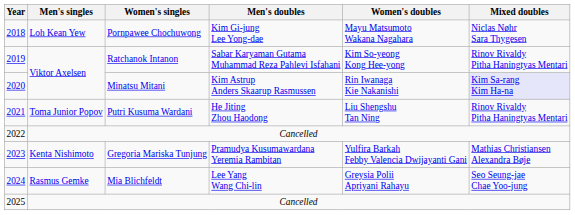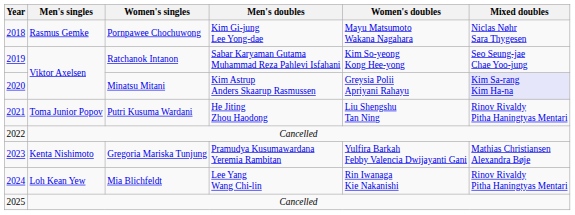 <table class=wikitable style="font-size:90%;">
 <tr>
 <th>Year</th>
 <th>Men's singles</th>
 <th>Women's singles</th>
 <th>Men's doubles</th>
 <th>Women's doubles</th>
 <th>Mixed doubles</th>
 </tr>
 <tr>
 <td><a href='#'>2018</a></td>
-<td> <a href='#'>Loh Kean Yew</a></td>
+<td> <a href='#'>Rasmus Gemke</a></td>
 <td> <a href='#'>Pornpawee Chochuwong</a></td>
 <td> <a href='#'>Kim Gi-jung</a><br> <a href='#'>Lee Yong-dae</a></td>
 <td> <a href='#'>Mayu Matsumoto</a><br> <a href='#'>Wakana Nagahara</a></td>
 <td> <a href='#'>Niclas Nøhr</a><br> <a href='#'>Sara Thygesen</a></td>
 </tr>
 <tr>
 <td><a href='#'>2019</a></td>
 <td rowspan=2> <a href='#'>Viktor Axelsen</a></td>
 <td> <a href='#'>Ratchanok Intanon</a></td>
 <td> <a href='#'>Sabar Karyaman Gutama</a><br> <a href='#'>Muhammad Reza Pahlevi Isfahani</a></td>
 <td> <a href='#'>Kim So-yeong</a><br> <a href='#'>Kong Hee-yong</a></td>
-<td> <a href='#'>Rinov Rivaldy</a><br> <a href='#'>Pitha Haningtyas Mentari</a></td>
+<td> <a href='#'>Seo Seung-jae</a><br> <a href='#'>Chae Yoo-jung</a></td>
 </tr>
 <tr>
 <td><a href='#'>2020</a></td>
 <td> <a href='#'>Minatsu Mitani</a></td>
 <td> <a href='#'>Kim Astrup</a><br> <a href='#'>Anders Skaarup Rasmussen</a></td>
-<td> <a href='#'>Rin Iwanaga</a><br> <a href='#'>Kie Nakanishi</a></td>
+<td> <a href='#'>Greysia Polii</a><br> <a href='#'>Apriyani Rahayu</a></td>
 <td style="background: lavender;"> <a href='#'>Kim Sa-rang</a><br> <a href='#'>Kim Ha-na</a></td>
 </tr>
 <tr>
 <td><a href='#'>2021</a></td>
 <td> <a href='#'>Toma Junior Popov</a></td>
 <td> <a href='#'>Putri Kusuma Wardani</a></td>
 <td> <a href='#'>He Jiting</a><br> <a href='#'>Zhou Haodong</a></td>
 <td> <a href='#'>Liu Shengshu</a><br> <a href='#'>Tan Ning</a></td>
 <td> <a href='#'>Rinov Rivaldy</a><br> <a href='#'>Pitha Haningtyas Mentari</a></td>
 </tr>
 <tr>
 <td>2022</td>
 <td colspan="5" align="center"><em>Cancelled</em></td>
 </tr>
 <tr>
 <td><a href='#'>2023</a></td>
 <td> <a href='#'>Kenta Nishimoto</a></td>
 <td> <a href='#'>Gregoria Mariska Tunjung</a></td>
 <td> <a href='#'>Pramudya Kusumawardana</a><br> <a href='#'>Yeremia Rambitan</a></td>
 <td> <a href='#'>Yulfira Barkah</a><br> <a href='#'>Febby Valencia Dwijayanti Gani</a></td>
 <td> <a href='#'>Mathias Christiansen</a><br> <a href='#'>Alexandra Bøje</a></td>
 </tr>
 <tr>
 <td><a href='#'>2024</a></td>
-<td> <a href='#'>Rasmus Gemke</a></td>
+<td> <a href='#'>Loh Kean Yew</a></td>
 <td> <a href='#'>Mia Blichfeldt</a></td>
 <td> <a href='#'>Lee Yang</a><br> <a href='#'>Wang Chi-lin</a></td>
-<td> <a href='#'>Greysia Polii</a><br> <a href='#'>Apriyani Rahayu</a></td>
-<td> <a href='#'>Seo Seung-jae</a><br> <a href='#'>Chae Yoo-jung</a></td>
+<td> <a href='#'>Rin Iwanaga</a><br> <a href='#'>Kie Nakanishi</a></td>
+<td> <a href='#'>Rinov Rivaldy</a><br> <a href='#'>Pitha Haningtyas Mentari</a></td>
 </tr>
 <tr>
 <td>2025</td>
 <td colspan="5" align="center"><em>Cancelled</em></td>
 </tr>
 </table>
